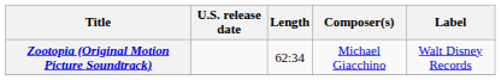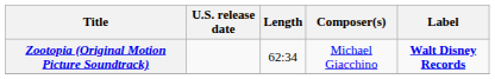 <table class="wikitable plainrowheaders" style="text-align: center;">
 <tr>
 <th scope="col">Title</th>
 <th scope="col">U.S. release date</th>
 <th scope="col">Length</th>
 <th scope="col">Composer(s)</th>
 <th scope="col">Label</th>
 </tr>
 <tr>
 <th scope="row"><em><a href='#'>Zootopia (Original Motion Picture Soundtrack)</a></em></th>
 <td></td>
 <td>62:34</td>
 <td><a href='#'>Michael Giacchino</a></td>
-<td><a href='#'>Walt Disney Records</a></td>
+<td><strong><a href='#'>Walt Disney Records</a></strong></td>
 </tr>
 <tr>
 </tr>
 </table>
